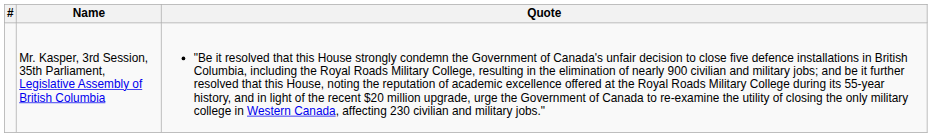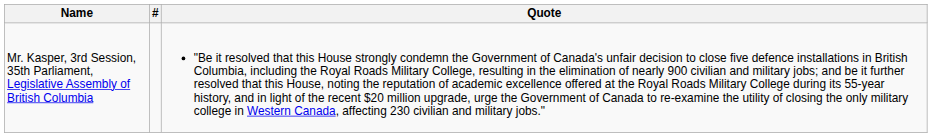 <table class="wikitable">
 <tr>
+<th>Name</th>
 <th>#</th>
-<th>Name</th>
 <th>Quote</th>
 </tr>
 <tr>
+<td>Mr. Kasper, 3rd Session, 35th Parliament, <a href='#'>Legislative Assembly of British Columbia</a></td>
 <td></td>
-<td>Mr. Kasper, 3rd Session, 35th Parliament, <a href='#'>Legislative Assembly of British Columbia</a></td>
 <td><br><ul><li>"Be it resolved that this House strongly condemn the Government of Canada's unfair decision to close five defence installations in British Columbia, including the Royal Roads Military College, resulting in the elimination of nearly 900 civilian and military jobs; and be it further resolved that this House, noting the reputation of academic excellence offered at the Royal Roads Military College during its 55-year history, and in light of the recent $20 million upgrade, urge the Government of Canada to re-examine the utility of closing the only military college in <a href='#'>Western Canada</a>, affecting 230 civilian and military jobs."</li></ul></td>
 </tr>
 </table>
